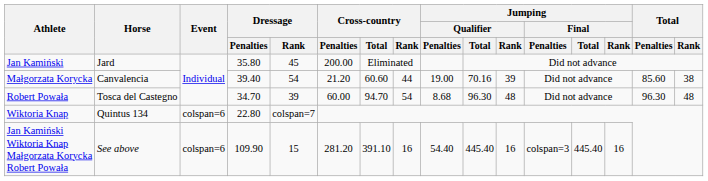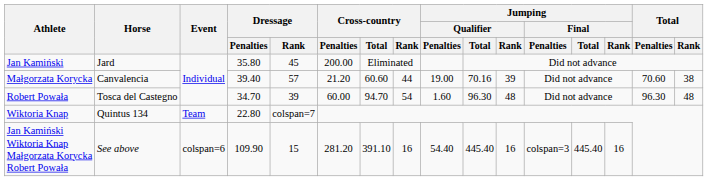 <table class=wikitable style=font-size:90%;text-align:center>
 <tr>
 <th rowspan="3">Athlete</th>
 <th rowspan="3">Horse</th>
 <th rowspan="3">Event</th>
 <th colspan="2" rowspan="2">Dressage</th>
 <th colspan="3" rowspan="2">Cross-country</th>
 <th colspan="6">Jumping</th>
 <th colspan="2" rowspan="2">Total</th>
 </tr>
 <tr style="font-size:95%">
 <th colspan="3">Qualifier</th>
 <th colspan="3">Final</th>
 </tr>
 <tr style="font-size:95%">
 <th>Penalties</th>
 <th>Rank</th>
 <th>Penalties</th>
 <th>Total</th>
 <th>Rank</th>
 <th>Penalties</th>
 <th>Total</th>
 <th>Rank</th>
 <th>Penalties</th>
 <th>Total</th>
 <th>Rank</th>
 <th>Penalties</th>
 <th>Rank</th>
 </tr>
 <tr>
 <td align=left><a href='#'>Jan Kamiński</a></td>
 <td align=left>Jard</td>
 <td rowspan=3 align=left><a href='#'>Individual</a></td>
 <td>35.80</td>
 <td>45</td>
 <td>200.00</td>
 <td colspan=2>Eliminated</td>
 <td></td>
 <td colspan=7>Did not advance</td>
 </tr>
 <tr>
 <td align=left><a href='#'>Małgorzata Korycka</a></td>
 <td align=left>Canvalencia</td>
 <td>39.40</td>
-<td>54</td>
+<td>57</td>
 <td>21.20</td>
 <td>60.60</td>
 <td>44</td>
 <td>19.00</td>
 <td>70.16</td>
 <td>39</td>
 <td colspan=3>Did not advance</td>
-<td>85.60</td>
+<td>70.60</td>
 <td>38</td>
 </tr>
 <tr>
 <td align=left><a href='#'>Robert Powała</a></td>
 <td align=left>Tosca del Castegno</td>
 <td>34.70</td>
 <td>39</td>
 <td>60.00</td>
 <td>94.70</td>
 <td>54</td>
-<td>8.68</td>
+<td>1.60</td>
 <td>96.30</td>
 <td>48</td>
 <td colspan=3>Did not advance</td>
 <td>96.30</td>
 <td>48</td>
 </tr>
 <tr>
 <td align=left><a href='#'>Wiktoria Knap</a></td>
 <td align=left>Quintus 134</td>
-<td>colspan=6 </td>
+<td align=left><a href='#'>Team</a></td>
 <td>22.80</td>
 <td>colspan=7 </td>
 </tr>
 <tr>
 <td align=left><a href='#'>Jan Kamiński</a><br><a href='#'>Wiktoria Knap</a><br><a href='#'>Małgorzata Korycka</a><br><a href='#'>Robert Powała</a></td>
 <td align=left><em>See above</em></td>
 <td>colspan=6 </td>
 <td>109.90</td>
 <td>15</td>
 <td>281.20</td>
 <td>391.10</td>
 <td>16</td>
 <td>54.40</td>
 <td>445.40</td>
 <td>16</td>
 <td>colspan=3 </td>
 <td>445.40</td>
 <td>16</td>
 </tr>
 </table>
